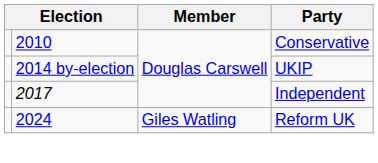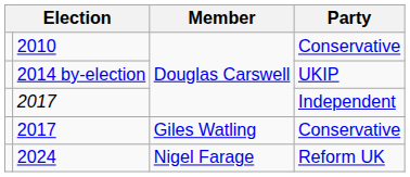 <table class="wikitable">
 <tr>
 <th colspan="2">Election</th>
 <th>Member</th>
 <th>Party</th>
 </tr>
 <tr>
 <td style="color:inherit;background-color: "></td>
 <td><a href='#'>2010</a></td>
 <td rowspan="3"><a href='#'>Douglas Carswell</a></td>
 <td><a href='#'>Conservative</a></td>
 </tr>
 <tr>
 <td style="color:inherit;background-color: "></td>
 <td><a href='#'>2014 by-election</a></td>
 <td rowspan="1"><a href='#'>UKIP</a></td>
 </tr>
 <tr>
 <td style="color:inherit;background-color: "></td>
 <td><em>2017</em></td>
 <td rowspan="1"><a href='#'>Independent</a></td>
 </tr>
 <tr>
 <td style="color:inherit;background-color: "></td>
+<td><a href='#'>2017</a></td>
+<td><a href='#'>Giles Watling</a></td>
+<td><a href='#'>Conservative</a></td>
+</tr>
+<tr>
+<td style="color:inherit;background-color: "></td>
 <td><a href='#'>2024</a></td>
-<td><a href='#'>Giles Watling</a></td>
+<td><a href='#'>Nigel Farage</a></td>
 <td><a href='#'>Reform UK</a></td>
 </tr>
 </table>
